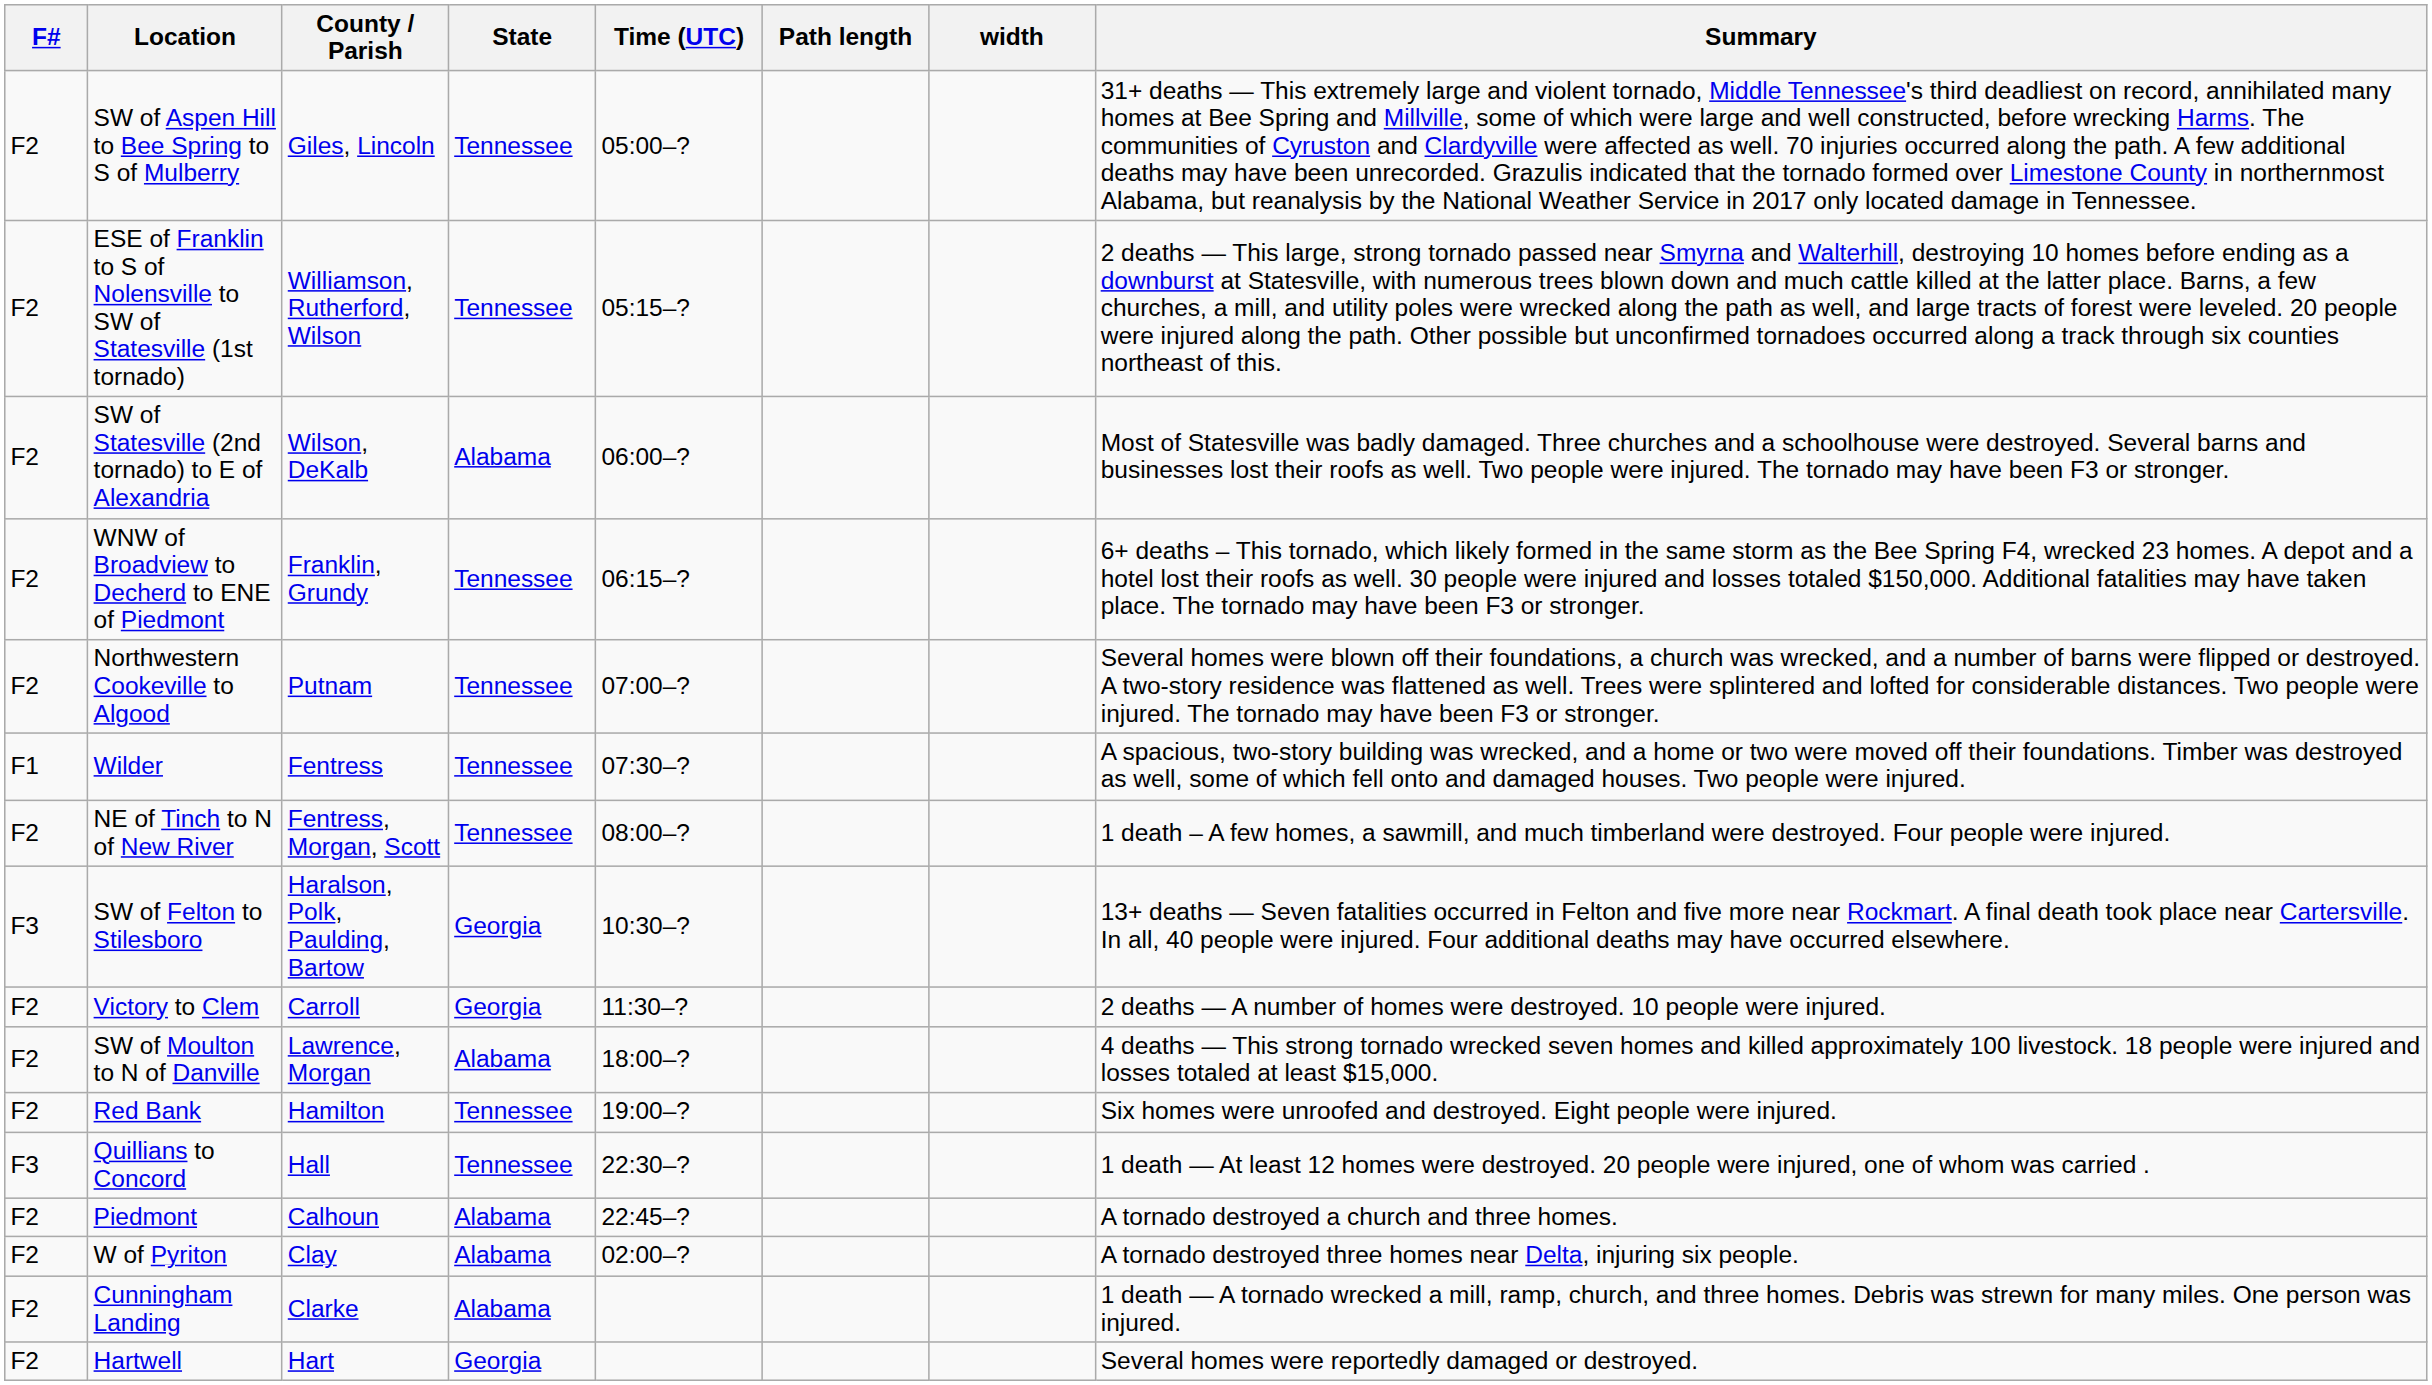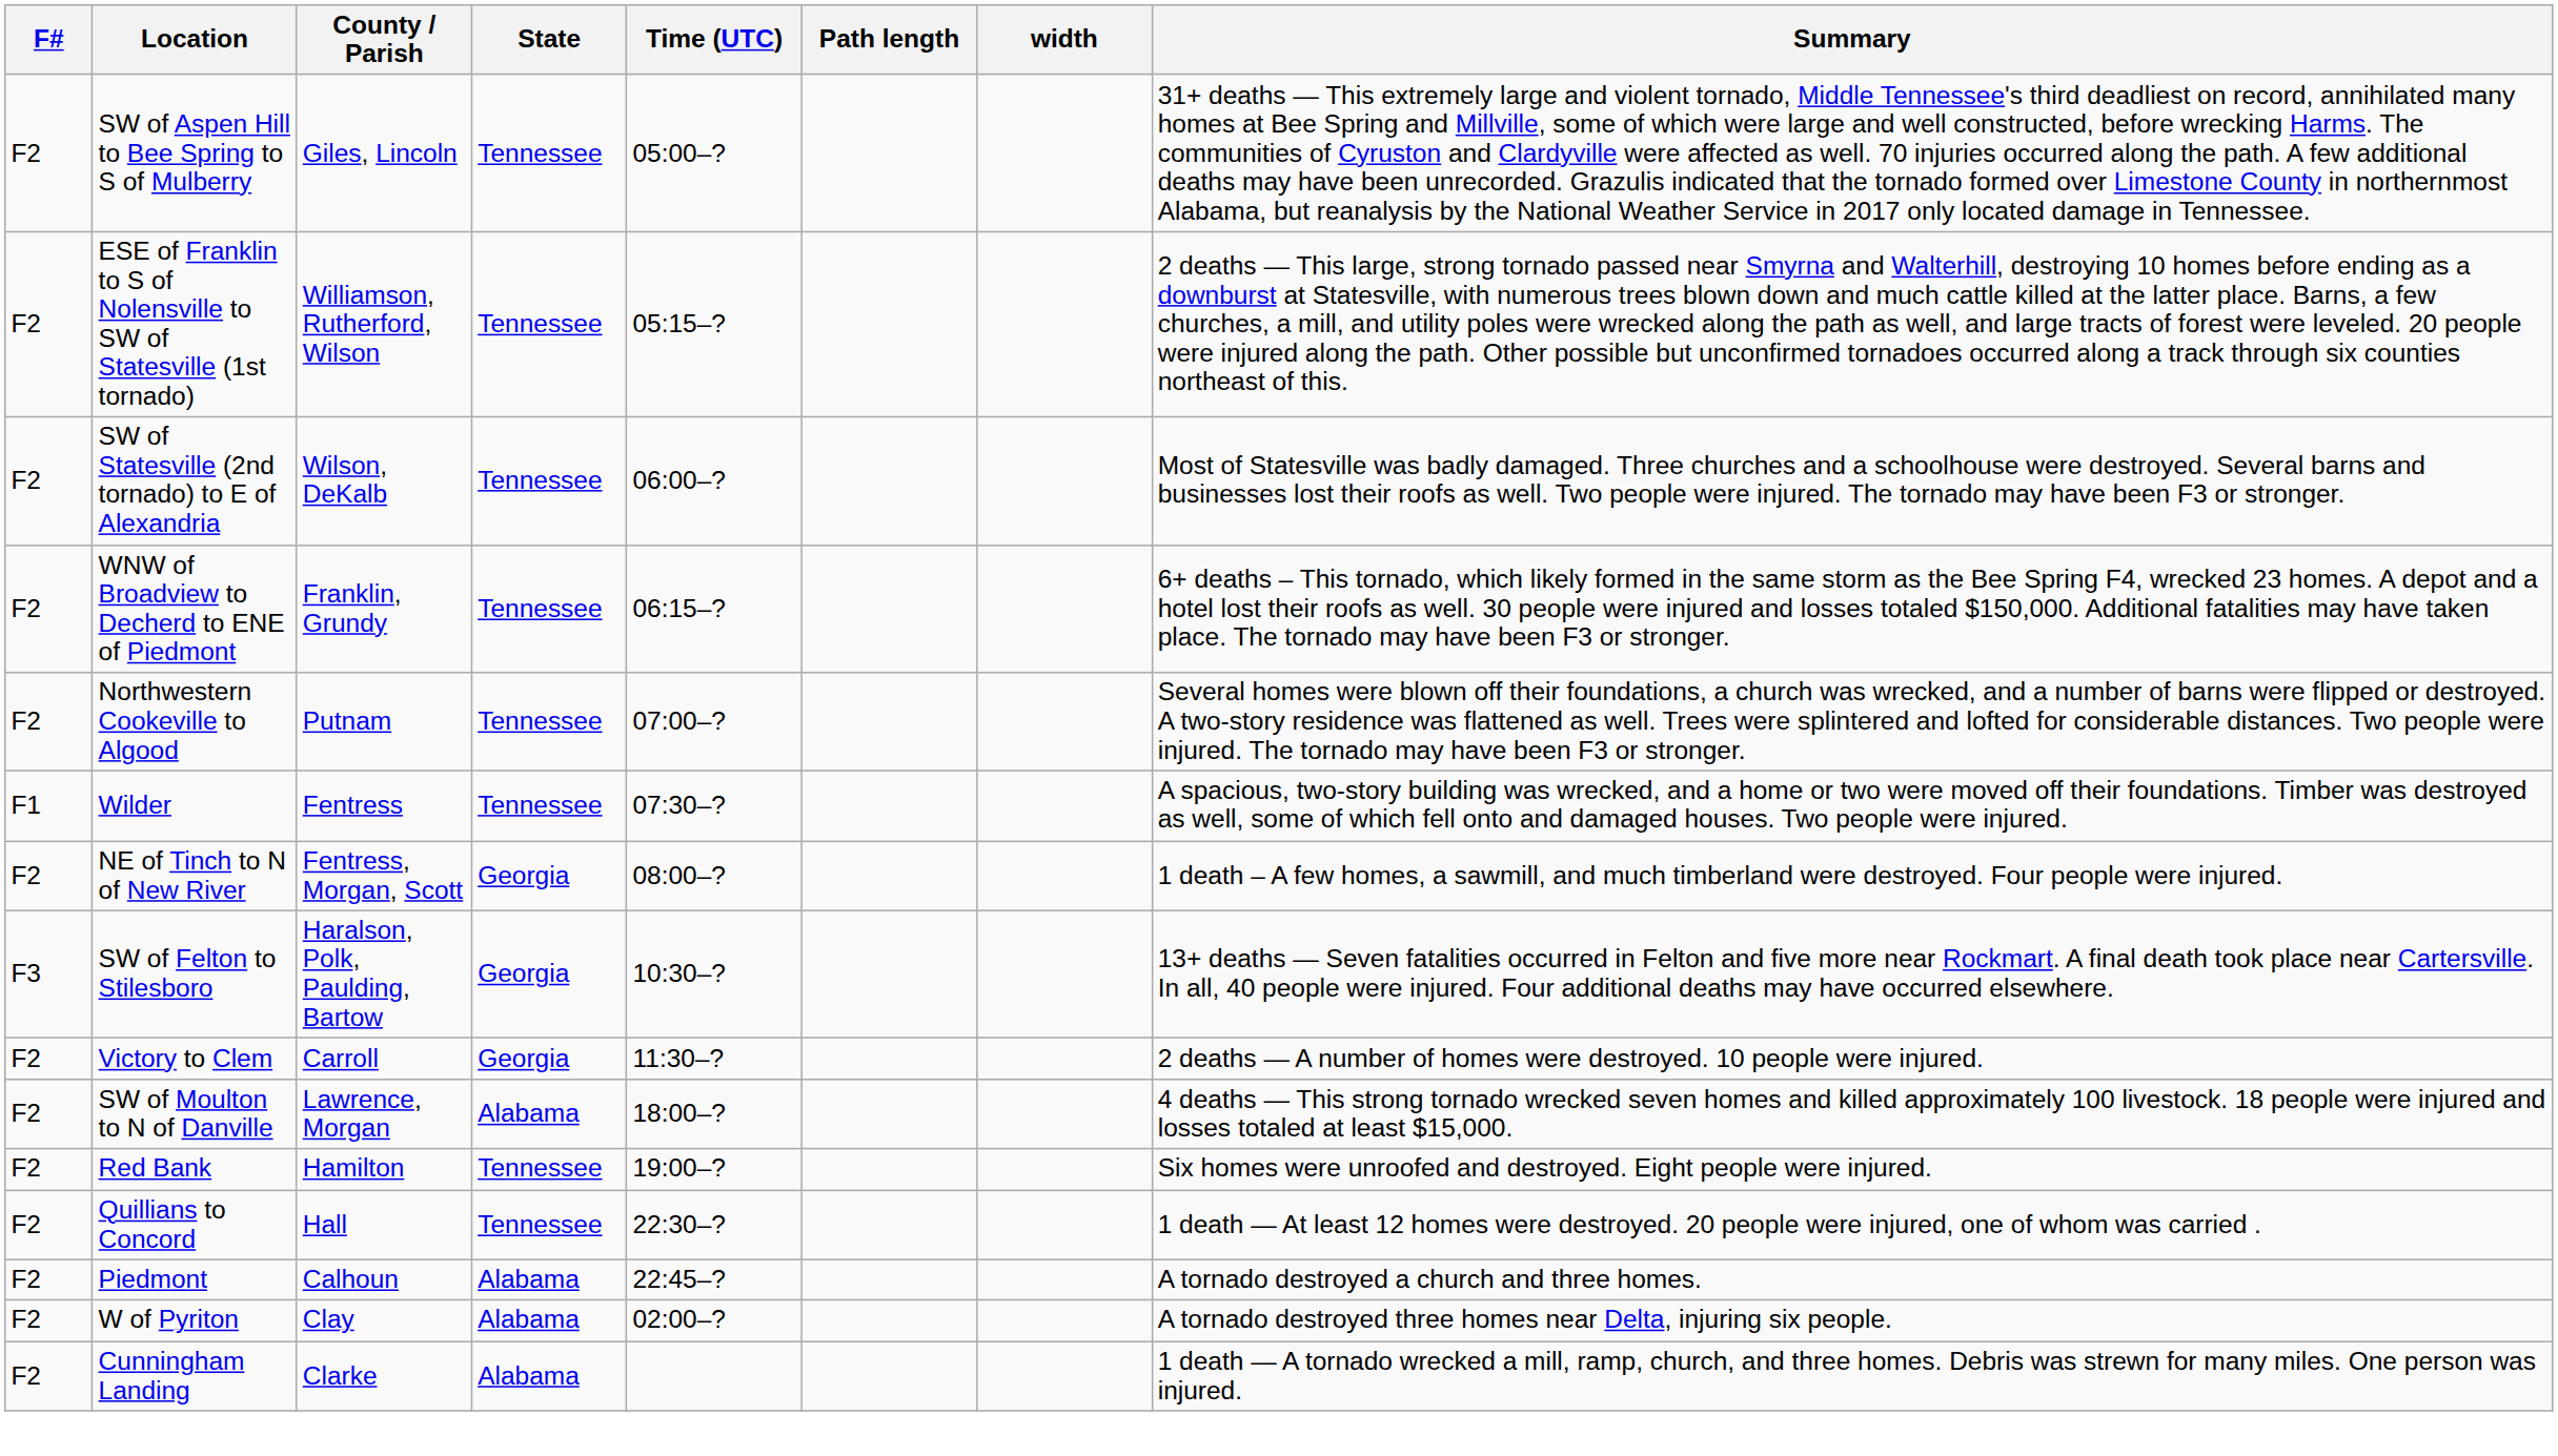 <table class="wikitable sortable" style="width:100%;">
 <tr>
 <th scope="col"  style="width:3%; text-align:center;"><a href='#'>F#</a></th>
 <th scope="col"  style="width:7%; text-align:center;" class="unsortable">Location</th>
 <th scope="col"  style="width:6%; text-align:center;" class="unsortable">County / Parish</th>
 <th scope="col"  style="width:5%; text-align:center;">State</th>
 <th scope="col"  style="width:6%; text-align:center;">Time (<a href='#'>UTC</a>)</th>
 <th scope="col"  style="width:6%; text-align:center;">Path length</th>
 <th scope="col"  style="width:6%; text-align:center;"> width</th>
 <th scope="col" class="unsortable" style="width:48%; text-align:center;">Summary</th>
 </tr>
 <tr>
 <td>F2</td>
 <td>SW of <a href='#'>Aspen Hill</a> to <a href='#'>Bee Spring</a> to S of <a href='#'>Mulberry</a></td>
 <td><a href='#'>Giles</a>, <a href='#'>Lincoln</a></td>
 <td><a href='#'>Tennessee</a></td>
 <td>05:00–?</td>
 <td></td>
 <td></td>
 <td>31+ deaths — This extremely large and violent tornado, <a href='#'>Middle Tennessee</a>'s third deadliest on record, annihilated many homes at Bee Spring and <a href='#'>Millville</a>, some of which were large and well constructed, before wrecking <a href='#'>Harms</a>. The communities of <a href='#'>Cyruston</a> and <a href='#'>Clardyville</a> were affected as well. 70 injuries occurred along the path. A few additional deaths may have been unrecorded. Grazulis indicated that the tornado formed over <a href='#'>Limestone County</a> in northernmost Alabama, but reanalysis by the National Weather Service in 2017 only located damage in Tennessee.</td>
 </tr>
 <tr>
 <td>F2</td>
 <td>ESE of <a href='#'>Franklin</a> to S of <a href='#'>Nolensville</a> to SW of <a href='#'>Statesville</a> (1st tornado)</td>
 <td><a href='#'>Williamson</a>, <a href='#'>Rutherford</a>, <a href='#'>Wilson</a></td>
 <td><a href='#'>Tennessee</a></td>
 <td>05:15–?</td>
 <td></td>
 <td></td>
 <td>2 deaths — This large, strong tornado passed near <a href='#'>Smyrna</a> and <a href='#'>Walterhill</a>, destroying 10 homes before ending as a <a href='#'>downburst</a> at Statesville, with numerous trees blown down and much cattle killed at the latter place. Barns, a few churches, a mill, and utility poles were wrecked along the path as well, and large tracts of forest were leveled. 20 people were injured along the path. Other possible but unconfirmed tornadoes occurred along a  track through six counties northeast of this.</td>
 </tr>
 <tr>
 <td>F2</td>
 <td>SW of <a href='#'>Statesville</a> (2nd tornado) to E of <a href='#'>Alexandria</a></td>
 <td><a href='#'>Wilson</a>, <a href='#'>DeKalb</a></td>
-<td><a href='#'>Alabama</a></td>
+<td><a href='#'>Tennessee</a></td>
 <td>06:00–?</td>
 <td></td>
 <td></td>
 <td>Most of Statesville was badly damaged. Three churches and a schoolhouse were destroyed. Several barns and businesses lost their roofs as well. Two people were injured. The tornado may have been F3 or stronger.</td>
 </tr>
 <tr>
 <td>F2</td>
 <td>WNW of <a href='#'>Broadview</a> to <a href='#'>Decherd</a> to ENE of <a href='#'>Piedmont</a></td>
 <td><a href='#'>Franklin</a>, <a href='#'>Grundy</a></td>
 <td><a href='#'>Tennessee</a></td>
 <td>06:15–?</td>
 <td></td>
 <td></td>
 <td>6+ deaths – This tornado, which likely formed in the same storm as the Bee Spring F4, wrecked 23 homes. A depot and a hotel lost their roofs as well. 30 people were injured and losses totaled $150,000. Additional fatalities may have taken place. The tornado may have been F3 or stronger.</td>
 </tr>
 <tr>
 <td>F2</td>
 <td>Northwestern <a href='#'>Cookeville</a> to <a href='#'>Algood</a></td>
 <td><a href='#'>Putnam</a></td>
 <td><a href='#'>Tennessee</a></td>
 <td>07:00–?</td>
 <td></td>
 <td></td>
 <td>Several homes were blown off their foundations, a church was wrecked, and a number of barns were flipped or destroyed. A two-story residence was flattened as well. Trees were splintered and lofted for considerable distances. Two people were injured. The tornado may have been F3 or stronger.</td>
 </tr>
 <tr>
 <td>F1</td>
 <td><a href='#'>Wilder</a></td>
 <td><a href='#'>Fentress</a></td>
 <td><a href='#'>Tennessee</a></td>
 <td>07:30–?</td>
 <td></td>
 <td></td>
 <td>A spacious, two-story building was wrecked, and a home or two were moved off their foundations. Timber was destroyed as well, some of which fell onto and damaged houses. Two people were injured.</td>
 </tr>
 <tr>
 <td>F2</td>
 <td>NE of <a href='#'>Tinch</a> to N of <a href='#'>New River</a></td>
 <td><a href='#'>Fentress</a>, <a href='#'>Morgan</a>, <a href='#'>Scott</a></td>
-<td><a href='#'>Tennessee</a></td>
+<td><a href='#'>Georgia</a></td>
 <td>08:00–?</td>
 <td></td>
 <td></td>
 <td>1 death – A few homes, a sawmill, and much timberland were destroyed. Four people were injured.</td>
 </tr>
 <tr>
 <td>F3</td>
 <td>SW of <a href='#'>Felton</a> to <a href='#'>Stilesboro</a></td>
 <td><a href='#'>Haralson</a>, <a href='#'>Polk</a>, <a href='#'>Paulding</a>, <a href='#'>Bartow</a></td>
 <td><a href='#'>Georgia</a></td>
 <td>10:30–?</td>
 <td></td>
 <td></td>
 <td>13+ deaths — Seven fatalities occurred in Felton and five more near <a href='#'>Rockmart</a>. A final death took place near <a href='#'>Cartersville</a>. In all, 40 people were injured. Four additional deaths may have occurred elsewhere.</td>
 </tr>
 <tr>
 <td>F2</td>
 <td><a href='#'>Victory</a> to <a href='#'>Clem</a></td>
 <td><a href='#'>Carroll</a></td>
 <td><a href='#'>Georgia</a></td>
 <td>11:30–?</td>
 <td></td>
 <td></td>
 <td>2 deaths — A number of homes were destroyed. 10 people were injured.</td>
 </tr>
 <tr>
 <td>F2</td>
 <td>SW of <a href='#'>Moulton</a> to N of <a href='#'>Danville</a></td>
 <td><a href='#'>Lawrence</a>, <a href='#'>Morgan</a></td>
 <td><a href='#'>Alabama</a></td>
 <td>18:00–?</td>
 <td></td>
 <td></td>
 <td>4 deaths — This strong tornado wrecked seven homes and killed approximately 100 livestock. 18 people were injured and losses totaled at least $15,000.</td>
 </tr>
 <tr>
 <td>F2</td>
 <td><a href='#'>Red Bank</a></td>
 <td><a href='#'>Hamilton</a></td>
 <td><a href='#'>Tennessee</a></td>
 <td>19:00–?</td>
 <td></td>
 <td></td>
 <td>Six homes were unroofed and destroyed. Eight people were injured.</td>
 </tr>
 <tr>
-<td>F3</td>
+<td>F2</td>
 <td><a href='#'>Quillians</a> to <a href='#'>Concord</a></td>
 <td><a href='#'>Hall</a></td>
 <td><a href='#'>Tennessee</a></td>
 <td>22:30–?</td>
 <td></td>
 <td></td>
 <td>1 death — At least 12 homes were destroyed. 20 people were injured, one of whom was carried .</td>
 </tr>
 <tr>
 <td>F2</td>
 <td><a href='#'>Piedmont</a></td>
 <td><a href='#'>Calhoun</a></td>
 <td><a href='#'>Alabama</a></td>
 <td>22:45–?</td>
 <td></td>
 <td></td>
 <td>A tornado destroyed a church and three homes.</td>
 </tr>
 <tr>
 <td>F2</td>
 <td>W of <a href='#'>Pyriton</a></td>
 <td><a href='#'>Clay</a></td>
 <td><a href='#'>Alabama</a></td>
 <td>02:00–?</td>
 <td></td>
 <td></td>
 <td>A tornado destroyed three homes near <a href='#'>Delta</a>, injuring six people.</td>
 </tr>
 <tr>
 <td>F2</td>
 <td><a href='#'>Cunningham Landing</a></td>
 <td><a href='#'>Clarke</a></td>
 <td><a href='#'>Alabama</a></td>
 <td></td>
 <td></td>
 <td></td>
 <td>1 death — A tornado wrecked a mill, ramp, church, and three homes. Debris was strewn for many miles. One person was injured.</td>
 </tr>
-<tr>
-<td>F2</td>
-<td><a href='#'>Hartwell</a></td>
-<td><a href='#'>Hart</a></td>
-<td><a href='#'>Georgia</a></td>
-<td></td>
-<td></td>
-<td></td>
-<td>Several homes were reportedly damaged or destroyed.</td>
-</tr>
 </table>
